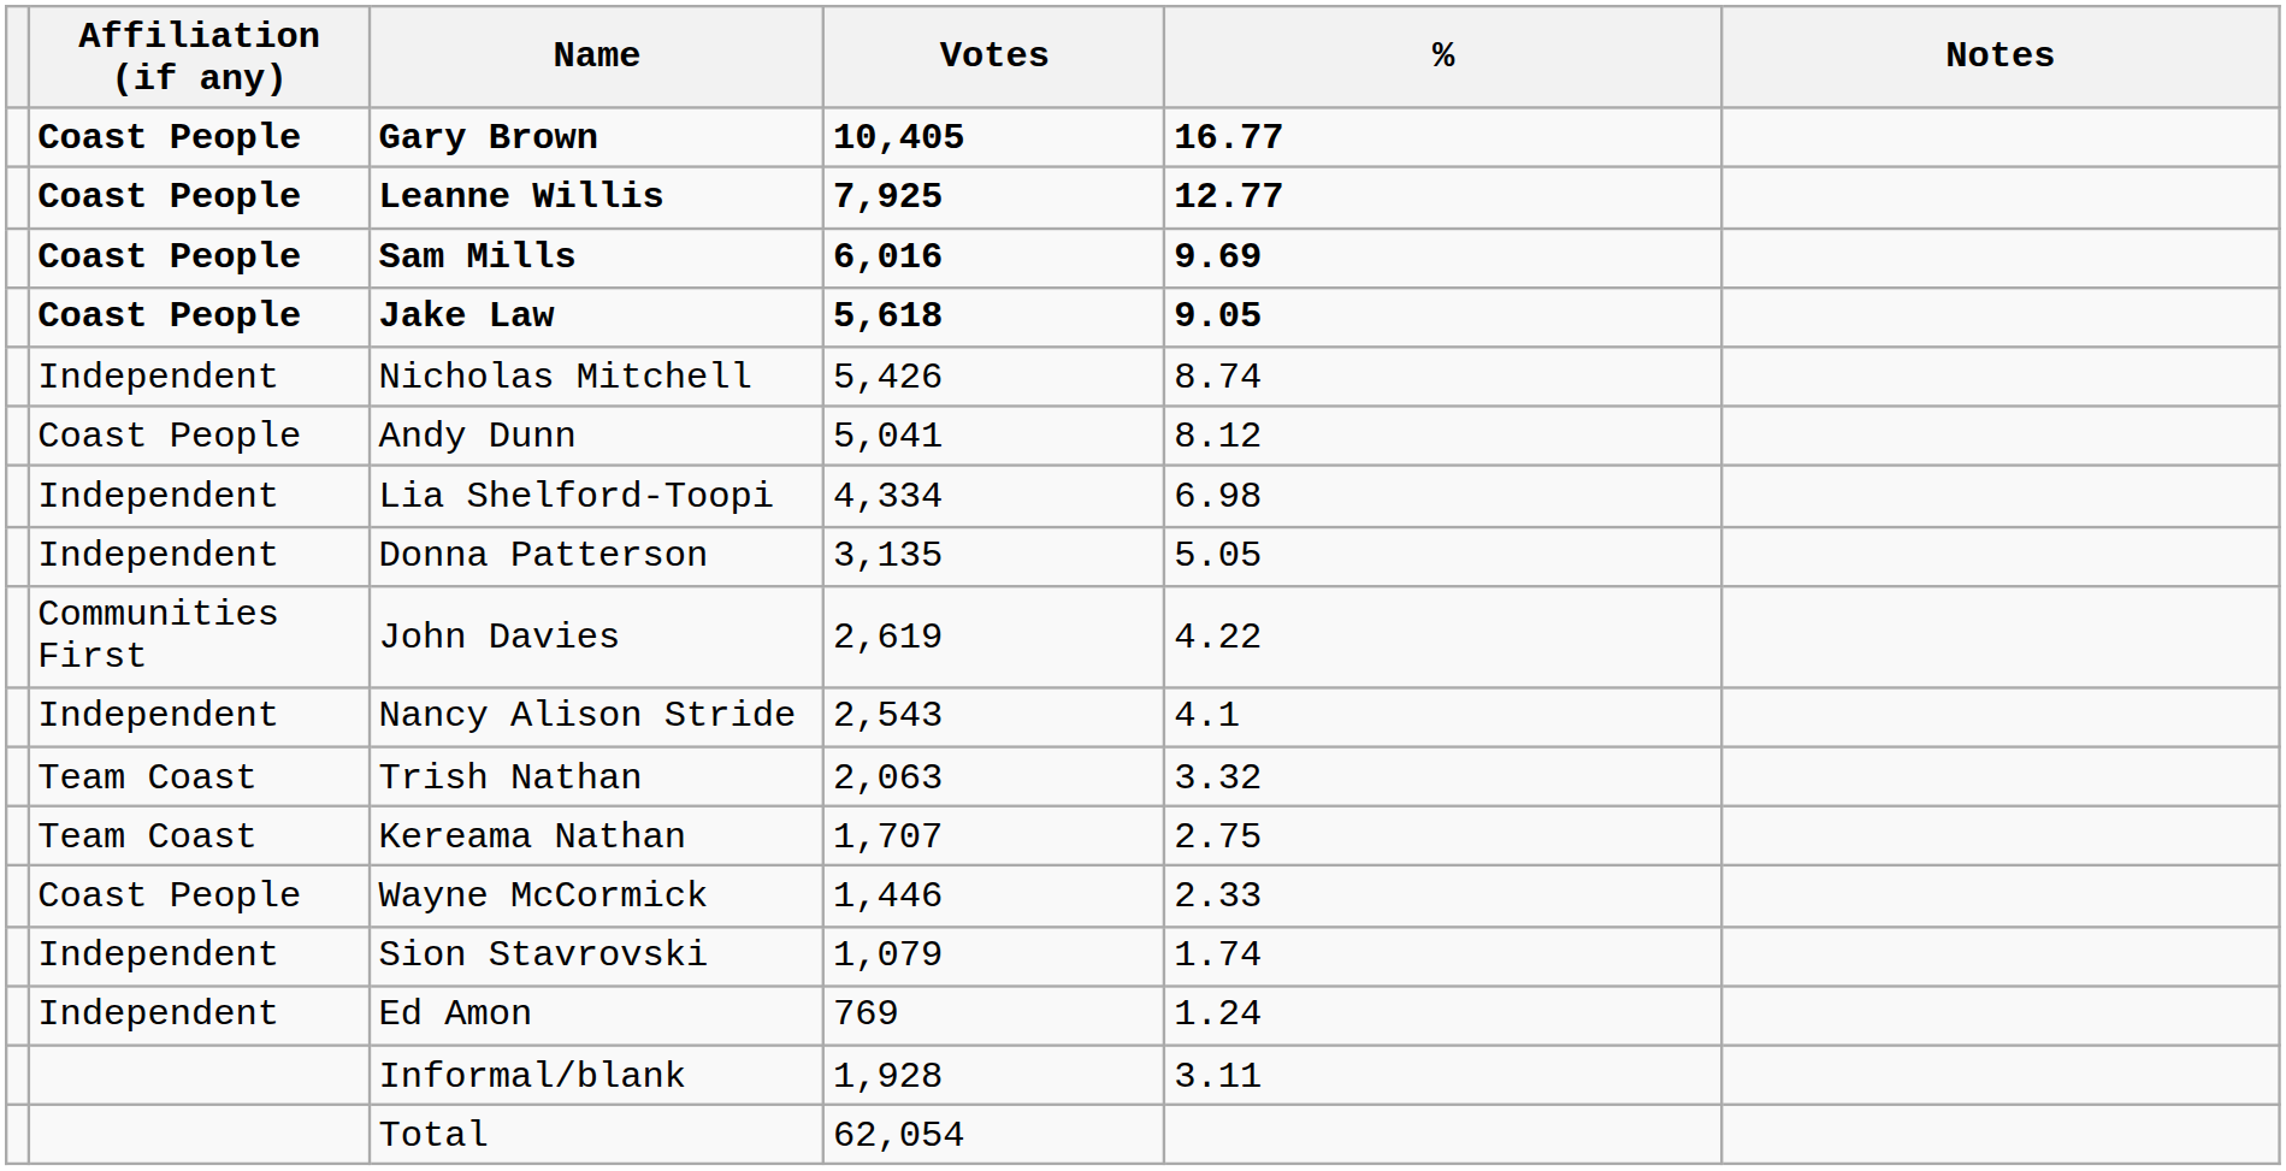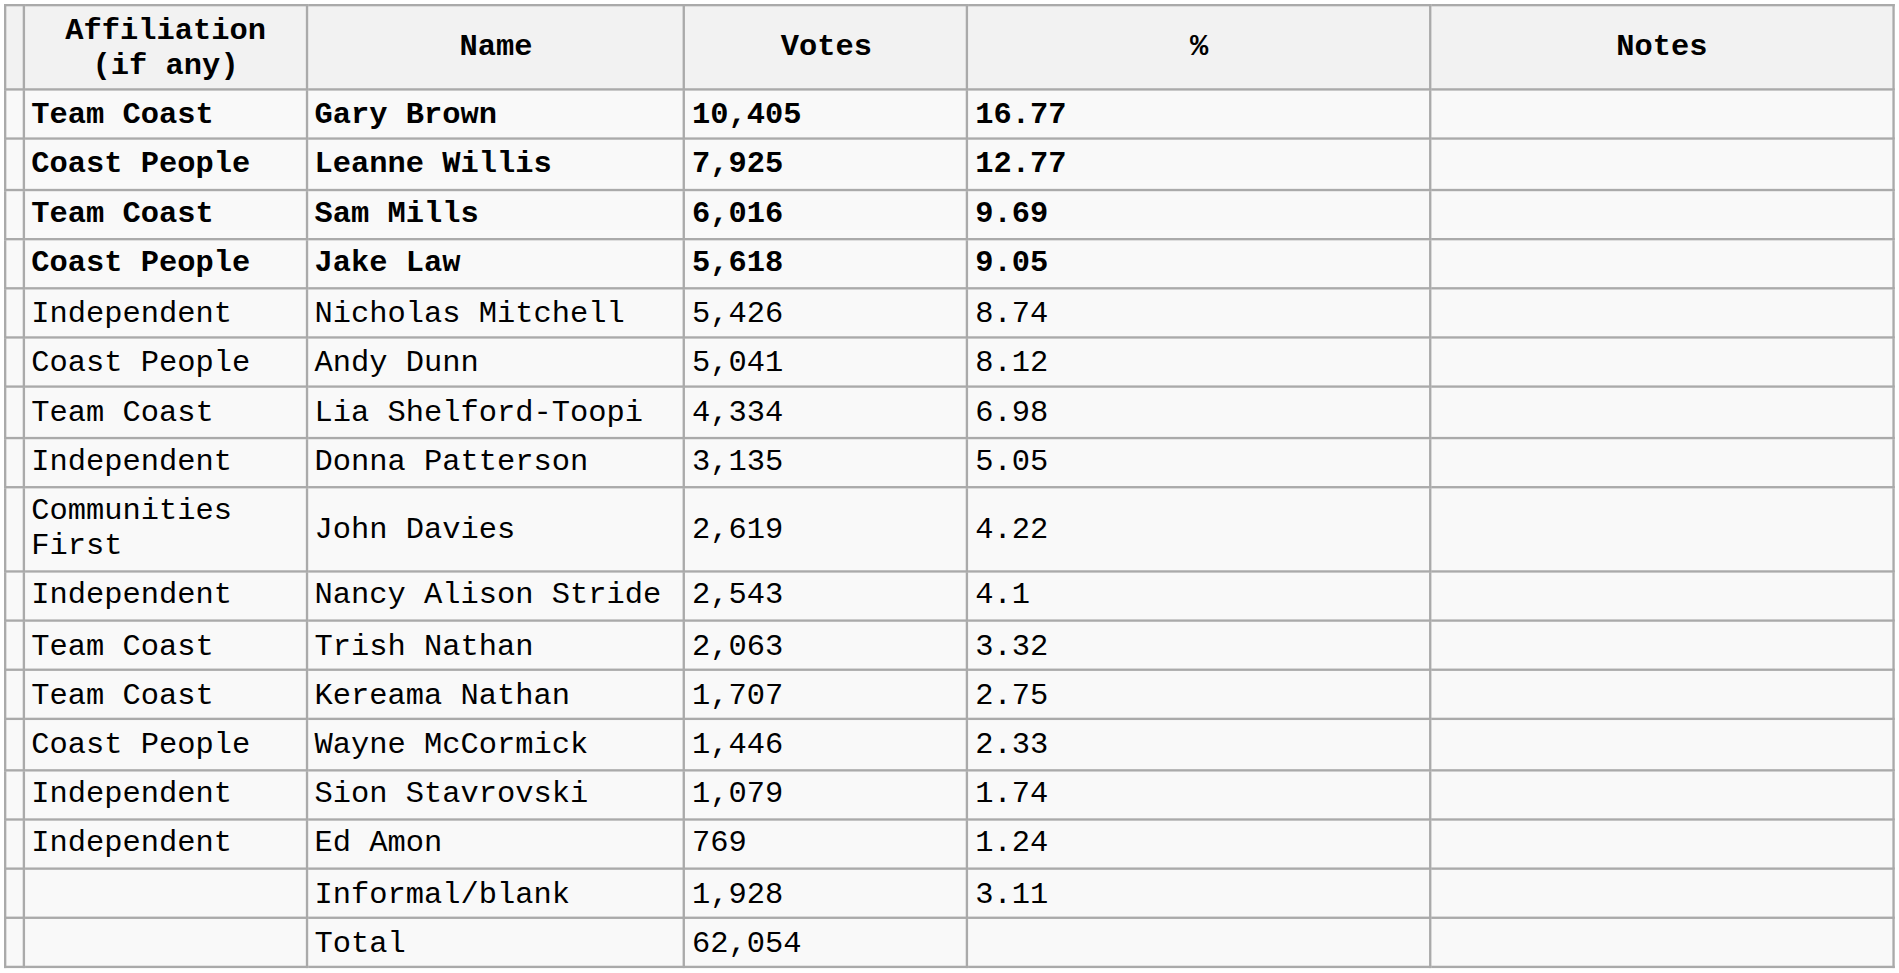 <table class="wikitable" style="width:51%;">
 <tr>
 <th style="width:1%;"></th>
 <th style="width:15%;">Affiliation (if any)</th>
 <th style="width:20%;">Name</th>
 <th style="width:15%;">Votes</th>
 <th>%</th>
 <th>Notes</th>
 </tr>
 <tr>
 <td bgcolor=></td>
-<td><strong>Coast People </strong></td>
+<td><strong>Team Coast</strong></td>
 <td><strong>Gary Brown</strong></td>
 <td><strong>10,405</strong></td>
 <td><strong>16.77</strong></td>
 <td></td>
 </tr>
 <tr>
 <td bgcolor=></td>
 <td><strong>Coast People</strong></td>
 <td><strong>Leanne Willis</strong></td>
 <td><strong>7,925</strong></td>
 <td><strong>12.77</strong></td>
 <td></td>
 </tr>
 <tr>
 <td bgcolor=></td>
-<td><strong>Coast People</strong></td>
+<td><strong>Team Coast</strong></td>
 <td><strong>Sam Mills</strong></td>
 <td><strong>6,016</strong></td>
 <td><strong>9.69</strong></td>
 <td></td>
 </tr>
 <tr>
 <td></td>
 <td><strong>Coast People </strong></td>
 <td><strong>Jake Law</strong></td>
 <td><strong>5,618</strong></td>
 <td><strong>9.05</strong></td>
 <td></td>
 </tr>
 <tr>
 <td></td>
 <td>Independent</td>
 <td>Nicholas Mitchell</td>
 <td>5,426</td>
 <td>8.74</td>
 <td></td>
 </tr>
 <tr>
 <td bgcolor=></td>
 <td>Coast People</td>
 <td>Andy Dunn</td>
 <td>5,041</td>
 <td>8.12</td>
 <td></td>
 </tr>
 <tr>
 <td bgcolor=></td>
-<td>Independent</td>
+<td>Team Coast</td>
 <td>Lia Shelford-Toopi</td>
 <td>4,334</td>
 <td>6.98</td>
 <td></td>
 </tr>
 <tr>
 <td bgcolor=></td>
 <td>Independent</td>
 <td>Donna Patterson</td>
 <td>3,135</td>
 <td>5.05</td>
 <td></td>
 </tr>
 <tr>
 <td></td>
 <td>Communities First</td>
 <td>John Davies</td>
 <td>2,619</td>
 <td>4.22</td>
 <td></td>
 </tr>
 <tr>
 <td></td>
 <td>Independent</td>
 <td>Nancy Alison Stride</td>
 <td>2,543</td>
 <td>4.1</td>
 <td></td>
 </tr>
 <tr>
 <td bgcolor=></td>
 <td>Team Coast</td>
 <td>Trish Nathan</td>
 <td>2,063</td>
 <td>3.32</td>
 <td></td>
 </tr>
 <tr>
 <td bgcolor=></td>
 <td>Team Coast</td>
 <td>Kereama Nathan</td>
 <td>1,707</td>
 <td>2.75</td>
 <td></td>
 </tr>
 <tr>
 <td bgcolor=></td>
 <td>Coast People</td>
 <td>Wayne McCormick</td>
 <td>1,446</td>
 <td>2.33</td>
 <td></td>
 </tr>
 <tr>
 <td bgcolor=></td>
 <td>Independent</td>
 <td>Sion Stavrovski</td>
 <td>1,079</td>
 <td>1.74</td>
 <td></td>
 </tr>
 <tr>
 <td bgcolor=></td>
 <td>Independent</td>
 <td>Ed Amon</td>
 <td>769</td>
 <td>1.24</td>
 <td></td>
 </tr>
 <tr>
 <td></td>
 <td></td>
 <td>Informal/blank</td>
 <td>1,928</td>
 <td>3.11</td>
 <td></td>
 </tr>
 <tr>
 <td></td>
 <td></td>
 <td>Total</td>
 <td>62,054</td>
 <td></td>
 <td></td>
 </tr>
 </table>
